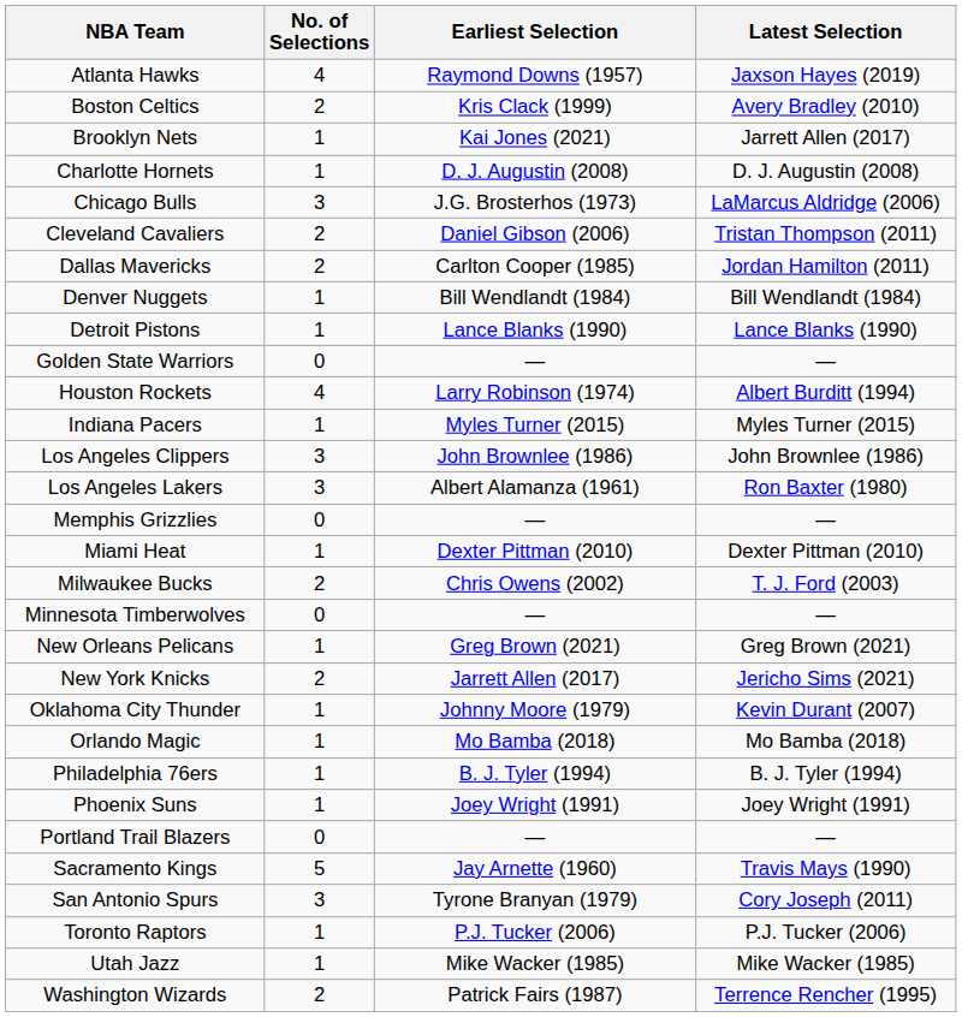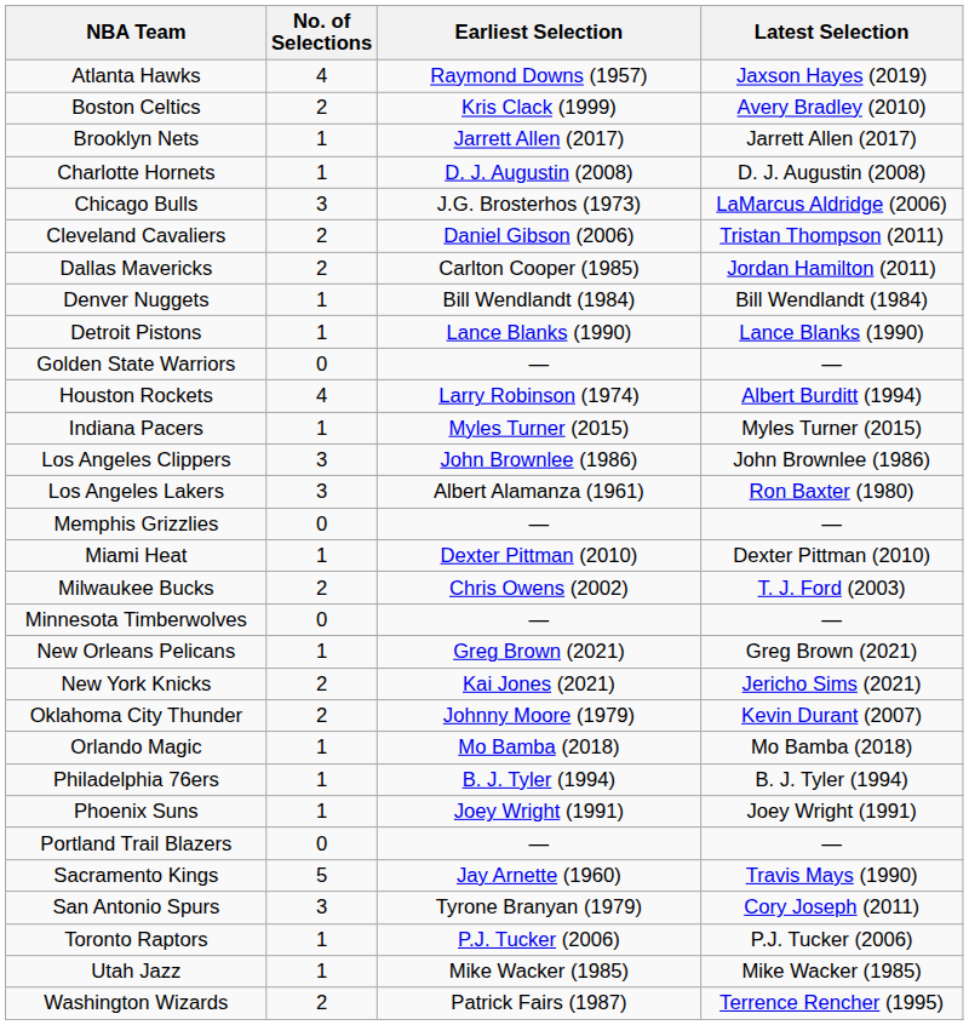 <table class="wikitable" style="text-align:center">
 <tr>
 <th style="width:200px; ">NBA Team</th>
 <th style="width:1px; ">No. of Selections</th>
 <th style="width:250px; ">Earliest Selection</th>
 <th style="width:200px; ">Latest Selection</th>
 </tr>
 <tr>
 <td>Atlanta Hawks</td>
 <td>4</td>
 <td><a href='#'>Raymond Downs</a> (1957)</td>
 <td><a href='#'>Jaxson Hayes</a> (2019)</td>
 </tr>
 <tr>
 <td>Boston Celtics</td>
 <td>2</td>
 <td><a href='#'>Kris Clack</a> (1999)</td>
 <td><a href='#'>Avery Bradley</a> (2010)</td>
 </tr>
 <tr>
 <td>Brooklyn Nets</td>
 <td>1</td>
-<td><a href='#'>Kai Jones</a> (2021)</td>
+<td><a href='#'>Jarrett Allen</a> (2017)</td>
 <td>Jarrett Allen (2017)</td>
 </tr>
 <tr>
 <td>Charlotte Hornets</td>
 <td>1</td>
 <td><a href='#'>D. J. Augustin</a> (2008)</td>
 <td>D. J. Augustin (2008)</td>
 </tr>
 <tr>
 <td>Chicago Bulls</td>
 <td>3</td>
 <td>J.G. Brosterhos (1973)</td>
 <td><a href='#'>LaMarcus Aldridge</a> (2006)</td>
 </tr>
 <tr>
 <td>Cleveland Cavaliers</td>
 <td>2</td>
 <td><a href='#'>Daniel Gibson</a> (2006)</td>
 <td><a href='#'>Tristan Thompson</a> (2011)</td>
 </tr>
 <tr>
 <td>Dallas Mavericks</td>
 <td>2</td>
 <td>Carlton Cooper (1985)</td>
 <td><a href='#'>Jordan Hamilton</a> (2011)</td>
 </tr>
 <tr>
 <td>Denver Nuggets</td>
 <td>1</td>
 <td>Bill Wendlandt (1984)</td>
 <td>Bill Wendlandt (1984)</td>
 </tr>
 <tr>
 <td>Detroit Pistons</td>
 <td>1</td>
 <td><a href='#'>Lance Blanks</a> (1990)</td>
 <td><a href='#'>Lance Blanks</a> (1990)</td>
 </tr>
 <tr>
 <td>Golden State Warriors</td>
 <td>0</td>
 <td>—</td>
 <td>—</td>
 </tr>
 <tr>
 <td>Houston Rockets</td>
 <td>4</td>
 <td><a href='#'>Larry Robinson</a> (1974)</td>
 <td><a href='#'>Albert Burditt</a> (1994)</td>
 </tr>
 <tr>
 <td>Indiana Pacers</td>
 <td>1</td>
 <td><a href='#'>Myles Turner</a> (2015)</td>
 <td>Myles Turner (2015)</td>
 </tr>
 <tr>
 <td>Los Angeles Clippers</td>
 <td>3</td>
 <td><a href='#'>John Brownlee</a> (1986)</td>
 <td>John Brownlee (1986)</td>
 </tr>
 <tr>
 <td>Los Angeles Lakers</td>
 <td>3</td>
 <td>Albert Alamanza (1961)</td>
 <td><a href='#'>Ron Baxter</a> (1980)</td>
 </tr>
 <tr>
 <td>Memphis Grizzlies</td>
 <td>0</td>
 <td>—</td>
 <td>—</td>
 </tr>
 <tr>
 <td>Miami Heat</td>
 <td>1</td>
 <td><a href='#'>Dexter Pittman</a> (2010)</td>
 <td>Dexter Pittman (2010)</td>
 </tr>
 <tr>
 <td>Milwaukee Bucks</td>
 <td>2</td>
 <td><a href='#'>Chris Owens</a> (2002)</td>
 <td><a href='#'>T. J. Ford</a> (2003)</td>
 </tr>
 <tr>
 <td>Minnesota Timberwolves</td>
 <td>0</td>
 <td>—</td>
 <td>—</td>
 </tr>
 <tr>
 <td>New Orleans Pelicans</td>
 <td>1</td>
 <td><a href='#'>Greg Brown</a> (2021)</td>
 <td>Greg Brown (2021)</td>
 </tr>
 <tr>
 <td>New York Knicks</td>
 <td>2</td>
-<td><a href='#'>Jarrett Allen</a> (2017)</td>
+<td><a href='#'>Kai Jones</a> (2021)</td>
 <td><a href='#'>Jericho Sims</a> (2021)</td>
 </tr>
 <tr>
 <td>Oklahoma City Thunder</td>
-<td>1</td>
+<td>2</td>
 <td><a href='#'>Johnny Moore</a> (1979)</td>
 <td><a href='#'>Kevin Durant</a> (2007)</td>
 </tr>
 <tr>
 <td>Orlando Magic</td>
 <td>1</td>
 <td><a href='#'>Mo Bamba</a> (2018)</td>
 <td>Mo Bamba (2018)</td>
 </tr>
 <tr>
 <td>Philadelphia 76ers</td>
 <td>1</td>
 <td><a href='#'>B. J. Tyler</a> (1994)</td>
 <td>B. J. Tyler (1994)</td>
 </tr>
 <tr>
 <td>Phoenix Suns</td>
 <td>1</td>
 <td><a href='#'>Joey Wright</a> (1991)</td>
 <td>Joey Wright (1991)</td>
 </tr>
 <tr>
 <td>Portland Trail Blazers</td>
 <td>0</td>
 <td>—</td>
 <td>—</td>
 </tr>
 <tr>
 <td>Sacramento Kings</td>
 <td>5</td>
 <td><a href='#'>Jay Arnette</a> (1960)</td>
 <td><a href='#'>Travis Mays</a> (1990)</td>
 </tr>
 <tr>
 <td>San Antonio Spurs</td>
 <td>3</td>
 <td>Tyrone Branyan (1979)</td>
 <td><a href='#'>Cory Joseph</a> (2011)</td>
 </tr>
 <tr>
 <td>Toronto Raptors</td>
 <td>1</td>
 <td><a href='#'>P.J. Tucker</a> (2006)</td>
 <td>P.J. Tucker (2006)</td>
 </tr>
 <tr>
 <td>Utah Jazz</td>
 <td>1</td>
 <td>Mike Wacker (1985)</td>
 <td>Mike Wacker (1985)</td>
 </tr>
 <tr>
 <td>Washington Wizards</td>
 <td>2</td>
 <td>Patrick Fairs (1987)</td>
 <td><a href='#'>Terrence Rencher</a> (1995)</td>
 </tr>
 <tr>
 </tr>
 </table>
